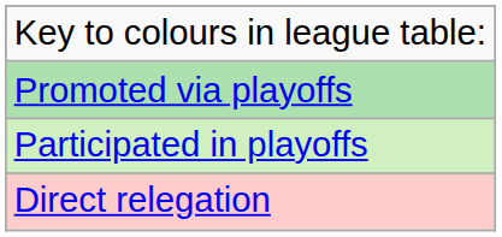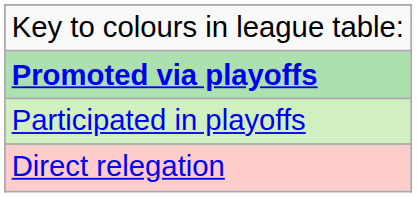 <table class="wikitable">
 <tr>
 <td>Key to colours in league table:</td>
 </tr>
 <tr style="background:#ACE1AF;">
-<td><a href='#'>Promoted via playoffs</a></td>
+<td><strong><a href='#'>Promoted via playoffs</a></strong></td>
 </tr>
 <tr style="background:#D0F0C0;">
 <td><a href='#'>Participated in playoffs</a></td>
 </tr>
 <tr style="background:#FFCCCC">
 <td><a href='#'>Direct relegation</a></td>
 </tr>
 </table>
